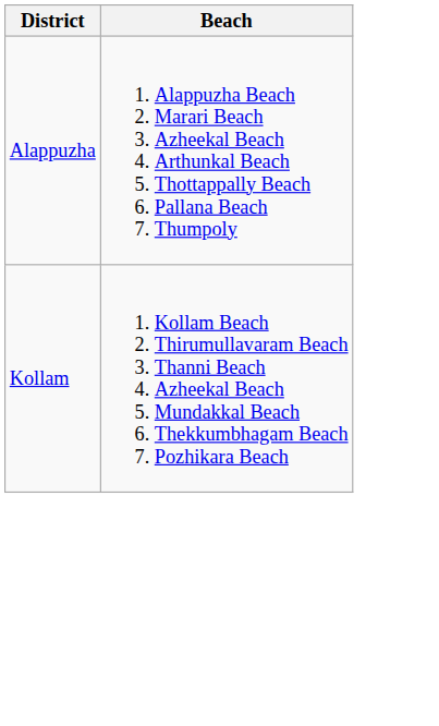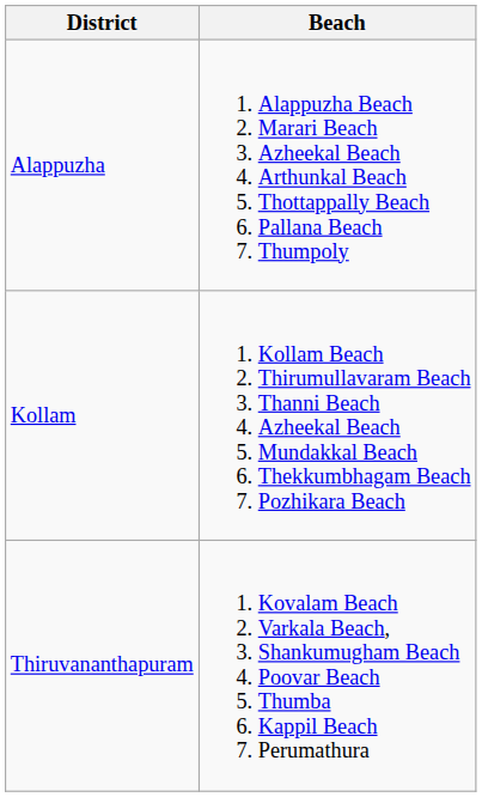 <table class="wikitable sortable">
 <tr>
 <th>District</th>
 <th>Beach</th>
 </tr>
 <tr>
 <td><a href='#'>Alappuzha</a></td>
 <td><br><ol><li><a href='#'>Alappuzha Beach</a></li><li><a href='#'>Marari Beach</a></li><li><a href='#'>Azheekal Beach</a></li><li><a href='#'>Arthunkal Beach</a></li><li><a href='#'>Thottappally Beach</a></li><li><a href='#'>Pallana Beach</a></li><li><a href='#'>Thumpoly</a></li></ol></td>
 </tr>
 <tr>
 <td><a href='#'>Kollam</a></td>
 <td><br><ol><li><a href='#'>Kollam Beach</a></li><li><a href='#'>Thirumullavaram Beach</a></li><li><a href='#'>Thanni Beach</a></li><li><a href='#'>Azheekal Beach</a></li><li><a href='#'>Mundakkal Beach</a></li><li><a href='#'>Thekkumbhagam Beach</a></li><li><a href='#'>Pozhikara Beach</a></li></ol></td>
 </tr>
+<tr>
+<td><a href='#'>Thiruvananthapuram</a></td>
+<td><br><ol><li><a href='#'>Kovalam Beach</a></li><li><a href='#'>Varkala Beach</a>,</li><li><a href='#'>Shankumugham Beach</a></li><li><a href='#'>Poovar Beach</a></li><li><a href='#'>Thumba</a></li><li><a href='#'>Kappil Beach</a></li><li>Perumathura</li></ol></td>
+</tr>
 </table>
